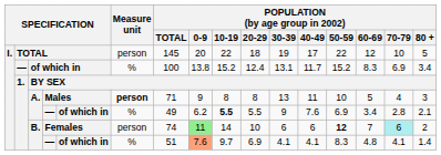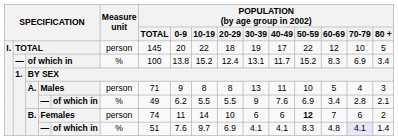 <table class="wikitable" style="font-size:85%; text-align:center">
 <tr>
 <th rowspan="2" colspan="5">SPECIFICATION</th>
 <th rowspan="2">Measure<br> unit</th>
 <th colspan="10" rowspan="1">POPULATION<br> (by age group in 2002)</th>
 </tr>
 <tr>
 <th>TOTAL</th>
 <th>0-9</th>
 <th>10-19</th>
 <th>20-29</th>
 <th>30-39</th>
 <th>40-49</th>
 <th>50-59</th>
 <th>60-69</th>
 <th>70-79</th>
 <th>80 +</th>
 </tr>
 <tr>
 <th style="text-align:left" valign="top" rowspan="7">I.</th>
 <th style="text-align:left" colspan="4">TOTAL</th>
 <td>person</td>
 <td>145</td>
 <td>20</td>
 <td>22</td>
 <td>18</td>
 <td>19</td>
 <td>17</td>
 <td>22</td>
 <td>12</td>
 <td>10</td>
 <td>5</td>
 </tr>
 <tr>
 <th style="text-align:left" valign="top">—</th>
 <th style="text-align:left" colspan="3">of which in</th>
 <td>%</td>
 <td>100</td>
 <td>13.8</td>
 <td>15.2</td>
 <td>12.4</td>
 <td>13.1</td>
 <td>11.7</td>
 <td>15.2</td>
 <td>8.3</td>
 <td>6.9</td>
 <td>3.4</td>
 </tr>
 <tr>
 <th style="text-align:left" valign="top" rowspan="5">1.</th>
 <th style="text-align:left" colspan="14">BY SEX</th>
 </tr>
 <tr>
 <th style="text-align:left" valign="top" rowspan="2">A.</th>
 <th style="text-align:left" colspan="2">Males</th>
-<td><strong>person</strong></td>
+<td>person</td>
 <td>71</td>
 <td>9</td>
 <td>8</td>
 <td>8</td>
 <td>13</td>
 <td>11</td>
 <td>10</td>
 <td>5</td>
 <td>4</td>
 <td>3</td>
 </tr>
 <tr>
 <th style="text-align:left" valign="top">—</th>
 <th style="text-align:left" colspan="1">of which in</th>
 <td>%</td>
 <td>49</td>
 <td>6.2</td>
-<td><strong>5.5</strong></td>
+<td>5.5</td>
 <td>5.5</td>
 <td>9</td>
 <td>7.6</td>
 <td>6.9</td>
 <td>3.4</td>
 <td>2.8</td>
 <td>2.1</td>
 </tr>
 <tr>
 <th style="text-align:left" valign="top" rowspan="2">B.</th>
 <th style="text-align:left" colspan="2">Females</th>
 <td>person</td>
 <td>74</td>
-<td style="background: lightgreen;">11</td>
+<td>11</td>
 <td>14</td>
 <td>10</td>
 <td>6</td>
 <td>6</td>
 <td><strong>12</strong></td>
 <td>7</td>
-<td style="background: paleturquoise;">6</td>
+<td>6</td>
 <td>2</td>
 </tr>
 <tr>
 <th style="text-align:left" valign="top">—</th>
 <th style="text-align:left" colspan="1">of which in</th>
 <td>%</td>
 <td>51</td>
-<td style="background: lightsalmon;">7.6</td>
+<td>7.6</td>
 <td>9.7</td>
 <td>6.9</td>
 <td>4.1</td>
 <td>4.1</td>
 <td>8.3</td>
 <td>4.8</td>
-<td>4.1</td>
+<td style="background: lavender;">4.1</td>
 <td>1.4</td>
 </tr>
 </table>
